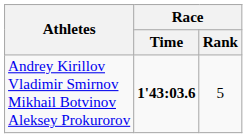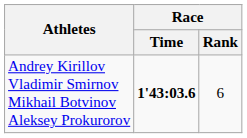 <table class="wikitable" border="1" style="font-size:90%">
 <tr>
 <th rowspan=2>Athletes</th>
 <th colspan=2>Race</th>
 </tr>
 <tr>
 <th>Time</th>
 <th>Rank</th>
 </tr>
 <tr>
 <td> <a href='#'>Andrey Kirillov</a><br> <a href='#'>Vladimir Smirnov</a><br> <a href='#'>Mikhail Botvinov</a><br> <a href='#'>Aleksey Prokurorov</a></td>
 <td align=center><strong>1'43:03.6</strong></td>
-<td align=center>5</td>
+<td align=center>6</td>
 </tr>
 </table>
